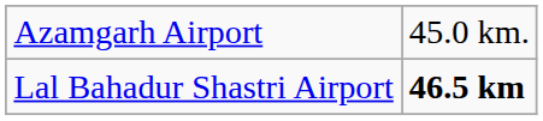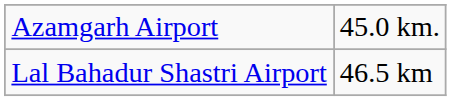 <table class="wikitable">
 <tr>
 <td><a href='#'>Azamgarh Airport</a></td>
 <td>45.0 km.</td>
 </tr>
 <tr>
 <td><a href='#'>Lal Bahadur Shastri Airport</a></td>
-<td><strong>46.5 km</strong></td>
+<td>46.5 km</td>
 </tr>
 </table>
